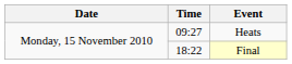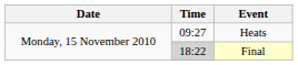 <table class = "wikitable" style="text-align:center;">
 <tr>
 <th width=220>Date</th>
 <th width=50>Time</th>
 <th width=100>Event</th>
 </tr>
 <tr>
 <td rowspan=2>Monday, 15 November 2010</td>
 <td>09:27</td>
 <td>Heats</td>
 </tr>
 <tr>
-<td>18:22</td>
+<td style="background: lightgrey;">18:22</td>
 <td bgcolor=ffffcc>Final</td>
 </tr>
 </table>
